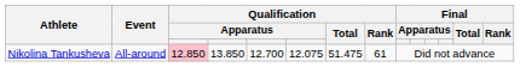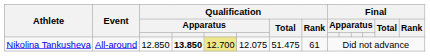 <table class="wikitable" style="font-size:90%">
 <tr>
 <th rowspan="3">Athlete</th>
 <th rowspan="3">Event</th>
 <th colspan=6>Qualification</th>
 <th colspan=6>Final</th>
 </tr>
 <tr style="font-size:95%">
 <th colspan=4>Apparatus</th>
 <th rowspan=2>Total</th>
 <th rowspan=2>Rank</th>
 <th colspan=4>Apparatus</th>
 <th rowspan=2>Total</th>
 <th rowspan=2>Rank</th>
 </tr>
 <tr style="font-size:95%">
 <th></th>
 <th></th>
 <th></th>
 <th></th>
 <th></th>
 <th></th>
 <th></th>
 <th></th>
 </tr>
 <tr align=center>
 <td align=left><a href='#'>Nikolina Tankusheva</a></td>
 <td align=left><a href='#'>All-around</a></td>
-<td style="background: pink;">12.850</td>
-<td>13.850</td>
-<td>12.700</td>
+<td>12.850</td>
+<td><strong>13.850</strong></td>
+<td style="background: khaki;">12.700</td>
 <td>12.075</td>
 <td>51.475</td>
 <td>61</td>
 <td colspan=6>Did not advance</td>
 </tr>
 </table>
